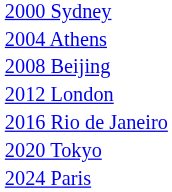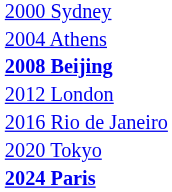 <table>
 <tr>
 <td><a href='#'>2000 Sydney</a><br></td>
 <td></td>
 <td></td>
 <td></td>
 </tr>
 <tr>
 <td><a href='#'>2004 Athens</a><br></td>
 <td></td>
 <td></td>
 <td></td>
 </tr>
 <tr>
-<td><a href='#'>2008 Beijing</a><br></td>
+<td><strong><a href='#'>2008 Beijing</a><br></strong></td>
 <td></td>
 <td></td>
 <td></td>
 </tr>
 <tr valign="top">
 <td rowspan="2"><a href='#'>2012 London</a><br></td>
 <td rowspan="2"></td>
 <td rowspan="2"></td>
 <td></td>
 </tr>
 <tr>
 <td></td>
 </tr>
 <tr>
 <td><a href='#'>2016 Rio de Janeiro</a><br></td>
 <td></td>
 <td></td>
 <td></td>
 </tr>
 <tr>
 <td><a href='#'>2020 Tokyo</a><br></td>
 <td></td>
 <td></td>
 <td></td>
 </tr>
 <tr>
-<td><a href='#'>2024 Paris</a><br></td>
+<td><strong><a href='#'>2024 Paris</a><br></strong></td>
 <td></td>
 <td></td>
 <td></td>
 </tr>
 <tr>
 </tr>
 </table>
